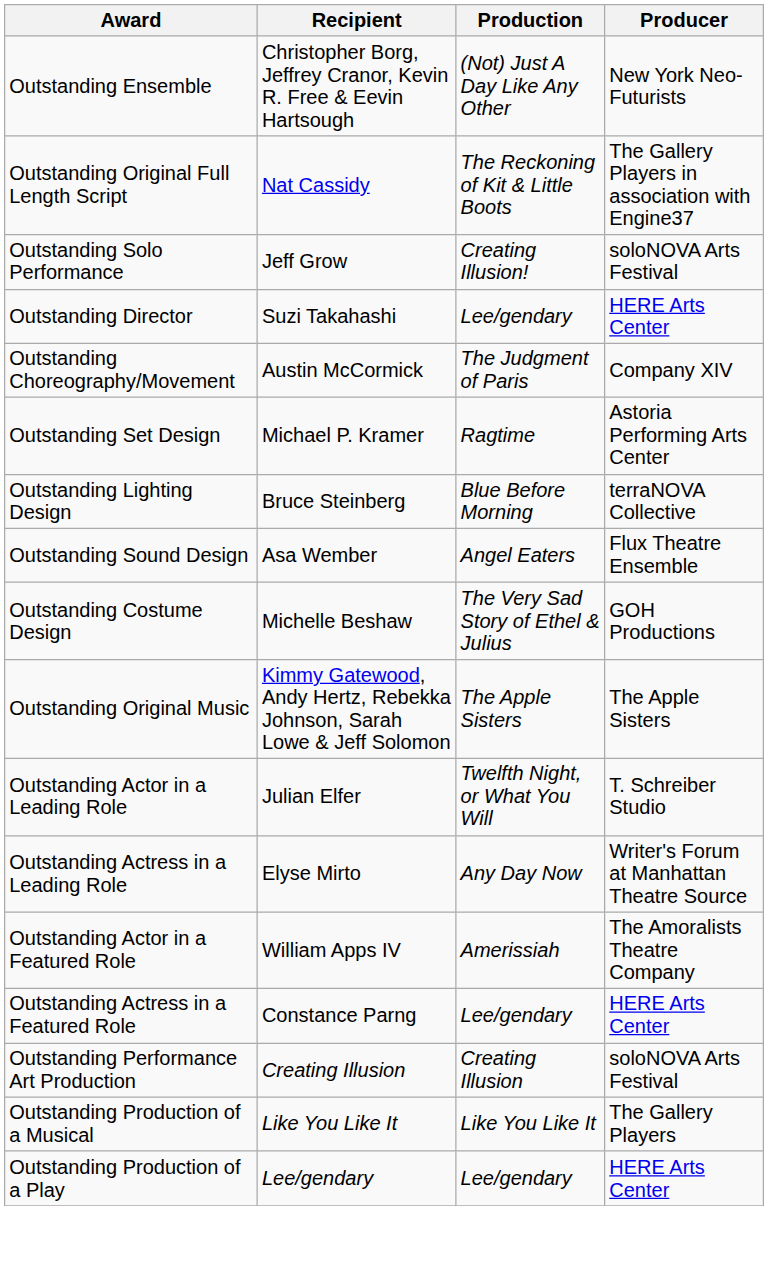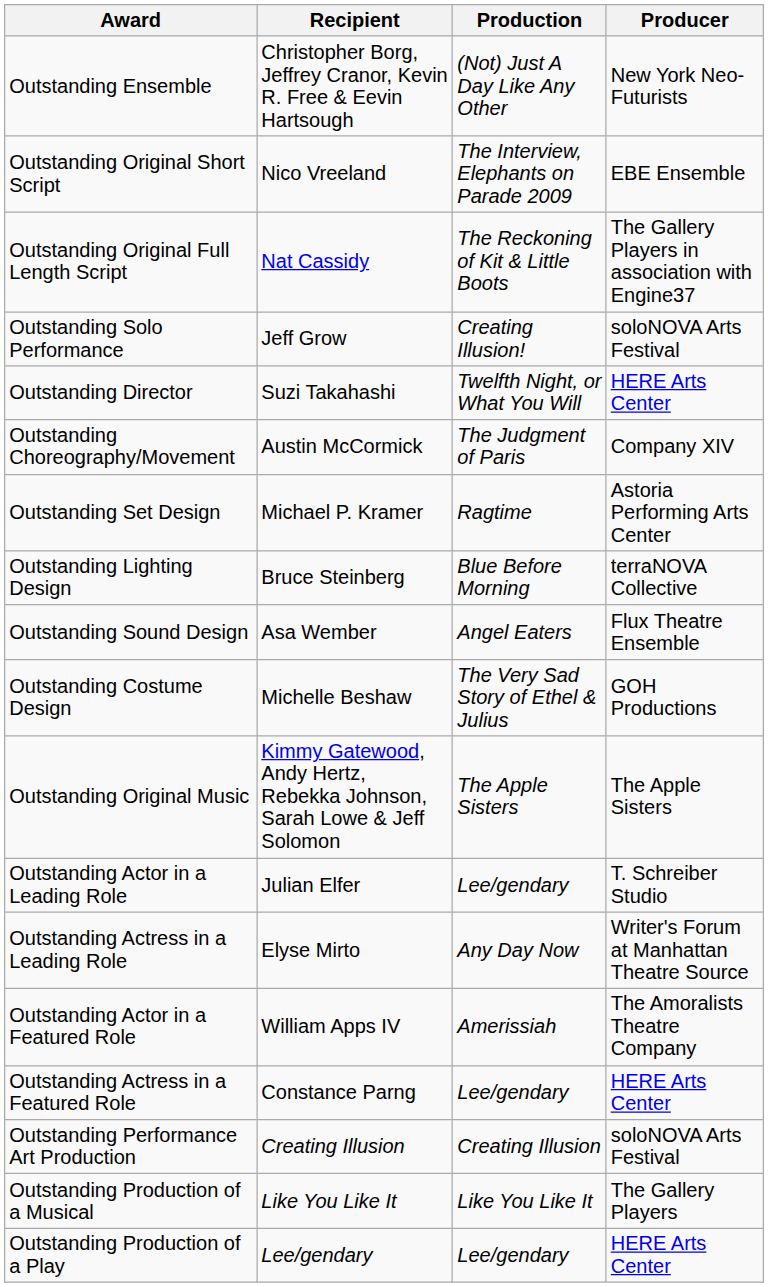 <table class="wikitable">
 <tr>
 <th>Award </th>
 <th>Recipient</th>
 <th>Production</th>
 <th>Producer</th>
 </tr>
 <tr>
 <td>Outstanding Ensemble</td>
 <td>Christopher Borg, Jeffrey Cranor, Kevin R. Free & Eevin Hartsough</td>
 <td><em>(Not) Just A Day Like Any Other</em></td>
 <td>New York Neo-Futurists</td>
+</tr>
+<tr>
+<td>Outstanding Original Short Script</td>
+<td>Nico Vreeland</td>
+<td><em>The Interview, Elephants on Parade 2009</em></td>
+<td>EBE Ensemble</td>
 </tr>
 <tr>
 <td>Outstanding Original Full Length Script</td>
 <td><a href='#'>Nat Cassidy</a></td>
 <td><em>The Reckoning of Kit & Little Boots</em></td>
 <td>The Gallery Players in association with Engine37</td>
 </tr>
 <tr>
 <td>Outstanding Solo Performance</td>
 <td>Jeff Grow</td>
 <td><em>Creating Illusion!</em></td>
 <td>soloNOVA Arts Festival</td>
 </tr>
 <tr>
 <td>Outstanding Director</td>
 <td>Suzi Takahashi</td>
-<td><em>Lee/gendary</em></td>
+<td><em>Twelfth Night, or What You Will</em></td>
 <td><a href='#'>HERE Arts Center</a></td>
 </tr>
 <tr>
 <td>Outstanding Choreography/Movement</td>
 <td>Austin McCormick</td>
 <td><em>The Judgment of Paris</em></td>
 <td>Company XIV</td>
 </tr>
 <tr>
 <td>Outstanding Set Design</td>
 <td>Michael P. Kramer</td>
 <td><em>Ragtime</em></td>
 <td>Astoria Performing Arts Center</td>
 </tr>
 <tr>
 <td>Outstanding Lighting Design</td>
 <td>Bruce Steinberg</td>
 <td><em>Blue Before Morning</em></td>
 <td>terraNOVA Collective</td>
 </tr>
 <tr>
 <td>Outstanding Sound Design</td>
 <td>Asa Wember</td>
 <td><em>Angel Eaters</em></td>
 <td>Flux Theatre Ensemble</td>
 </tr>
 <tr>
 <td>Outstanding Costume Design</td>
 <td>Michelle Beshaw</td>
 <td><em>The Very Sad Story of Ethel & Julius</em></td>
 <td>GOH Productions</td>
 </tr>
 <tr>
 <td>Outstanding Original Music</td>
 <td><a href='#'>Kimmy Gatewood</a>, Andy Hertz, Rebekka Johnson, Sarah Lowe & Jeff Solomon</td>
 <td><em>The Apple Sisters</em></td>
 <td>The Apple Sisters</td>
 </tr>
 <tr>
 <td>Outstanding Actor in a Leading Role</td>
 <td>Julian Elfer</td>
-<td><em>Twelfth Night, or What You Will</em></td>
+<td><em>Lee/gendary</em></td>
 <td>T. Schreiber Studio</td>
 </tr>
 <tr>
 <td>Outstanding Actress in a Leading Role</td>
 <td>Elyse Mirto</td>
 <td><em>Any Day Now</em></td>
 <td>Writer's Forum at Manhattan Theatre Source</td>
 </tr>
 <tr>
 <td>Outstanding Actor in a Featured Role</td>
 <td>William Apps IV</td>
 <td><em>Amerissiah</em></td>
 <td>The Amoralists Theatre Company</td>
 </tr>
 <tr>
 <td>Outstanding Actress in a Featured Role</td>
 <td>Constance Parng</td>
 <td><em>Lee/gendary</em></td>
 <td><a href='#'>HERE Arts Center</a></td>
 </tr>
 <tr>
 <td>Outstanding Performance Art Production</td>
 <td><em>Creating Illusion</em></td>
 <td><em>Creating Illusion</em></td>
 <td>soloNOVA Arts Festival</td>
 </tr>
 <tr>
 <td>Outstanding Production of a Musical</td>
 <td><em>Like You Like It</em></td>
 <td><em>Like You Like It</em></td>
 <td>The Gallery Players</td>
 </tr>
 <tr>
 <td>Outstanding Production of a Play</td>
 <td><em>Lee/gendary</em></td>
 <td><em>Lee/gendary</em></td>
 <td><a href='#'>HERE Arts Center</a></td>
 </tr>
 </table>
